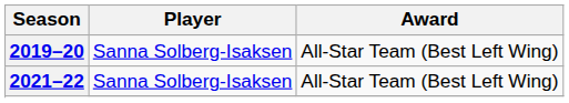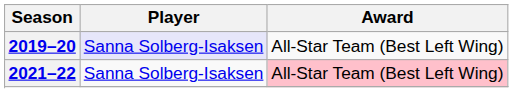 <table class="wikitable" style="text-align: center">
 <tr>
 <th>Season</th>
 <th class="unsortable">Player</th>
 <th>Award</th>
 </tr>
 <tr>
 <th rowspan="1"><a href='#'>2019–20</a></th>
-<td style="text-align: left;"> <a href='#'>Sanna Solberg-Isaksen</a></td>
+<td style="background: lavender; text-align: left;"> <a href='#'>Sanna Solberg-Isaksen</a></td>
 <td>All-Star Team (Best Left Wing)</td>
 </tr>
 <tr>
 <th rowspan="5"><a href='#'>2021–22</a></th>
 <td style="text-align: left;"> <a href='#'>Sanna Solberg-Isaksen</a></td>
-<td>All-Star Team (Best Left Wing)</td>
+<td style="background: pink;">All-Star Team (Best Left Wing)</td>
 </tr>
 <tr>
 </tr>
 </table>
